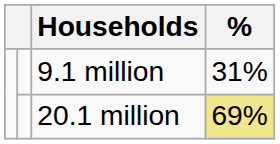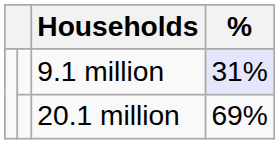 <table class="wikitable">
 <tr>
 <th colspan=2></th>
 <th>Households</th>
 <th>%</th>
 </tr>
 <tr>
 <td rowspan=2></td>
 <td></td>
 <td>9.1 million</td>
-<td>31%</td>
+<td style="background: lavender;">31%</td>
 </tr>
 <tr>
 <td></td>
 <td>20.1 million</td>
-<td style="background: khaki;">69%</td>
+<td>69%</td>
 </tr>
 </table>
